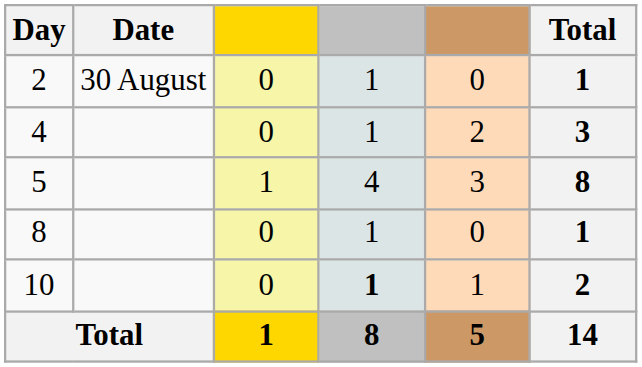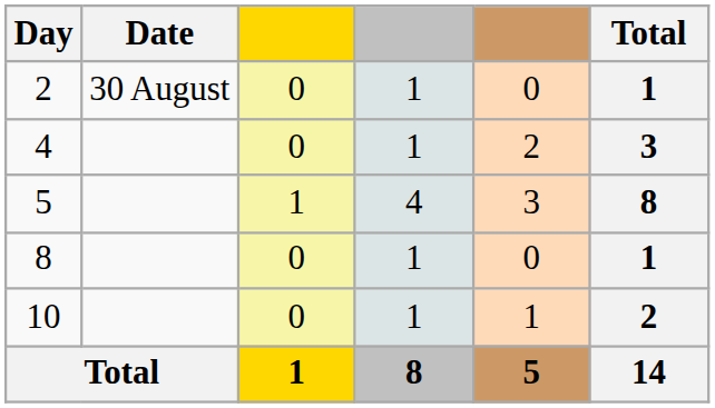 <table class="wikitable sortable collapsible" style="font-size:85%; text-align:center;">
 <tr>
 <th>Day</th>
 <th>Date</th>
 <th width=40 style="background-color:gold;"></th>
 <th width=40 style="background-color:silver;"></th>
 <th width=40 style="background-color:#c96;"></th>
 <th width=40>Total</th>
 </tr>
 <tr>
 <td>2</td>
 <td align=left>30 August</td>
 <td style="background:#f7f6a8;">0</td>
 <td style="background:#dce5e5;">1</td>
 <td style="background:#ffdab9;">0</td>
 <th>1</th>
 </tr>
 <tr>
 <td>4</td>
 <td align=left></td>
 <td style="background:#f7f6a8;">0</td>
 <td style="background:#dce5e5;">1</td>
 <td style="background:#ffdab9;">2</td>
 <th>3</th>
 </tr>
 <tr>
 <td>5</td>
 <td align=left></td>
 <td style="background:#f7f6a8;">1</td>
 <td style="background:#dce5e5;">4</td>
 <td style="background:#ffdab9;">3</td>
 <th>8</th>
 </tr>
 <tr>
 <td>8</td>
 <td align=left></td>
 <td style="background:#f7f6a8;">0</td>
 <td style="background:#dce5e5;">1</td>
 <td style="background:#ffdab9;">0</td>
 <th>1</th>
 </tr>
 <tr>
 <td>10</td>
 <td align=left></td>
 <td style="background:#f7f6a8;">0</td>
-<td style="background:#dce5e5;"><strong>1</strong></td>
+<td style="background:#dce5e5;">1</td>
 <td style="background:#ffdab9;">1</td>
 <th>2</th>
 </tr>
 <tr>
 <th colspan="2">Total</th>
 <th style="background:gold;">1</th>
 <th style="background:silver;">8</th>
 <th style="background:#c96;">5</th>
 <th>14</th>
 </tr>
 </table>
